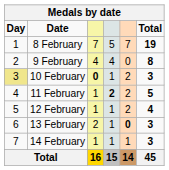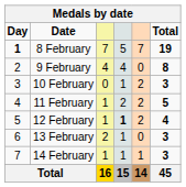 <table class="wikitable" style="font-size:85%; float:right">
 <tr bgcolor="#efefef">
 <th colspan=6>Medals by date</th>
 </tr>
 <tr align=center>
 <td><strong>Day</strong></td>
 <td><strong>Date</strong></td>
 <td bgcolor=#f7f6a8></td>
 <td bgcolor=#dce5e5></td>
 <td bgcolor=#ffdab9></td>
 <td><strong>Total</strong></td>
 </tr>
 <tr align=center>
-<td>1</td>
+<td><strong>1</strong></td>
 <td>8 February</td>
 <td bgcolor=F7F6A8>7</td>
 <td bgcolor=DCE5E5>5</td>
 <td bgcolor=FFDAB9>7</td>
 <td><strong>19</strong></td>
 </tr>
 <tr align=center>
 <td>2</td>
 <td>9 February</td>
 <td bgcolor=F7F6A8>4</td>
 <td bgcolor=DCE5E5>4</td>
 <td bgcolor=FFDAB9>0</td>
 <td><strong>8</strong></td>
 </tr>
 <tr align=center>
-<td style="background: khaki;">3</td>
+<td>3</td>
 <td>10 February</td>
-<td bgcolor=F7F6A8><strong>0</strong></td>
+<td bgcolor=F7F6A8>0</td>
 <td bgcolor=DCE5E5>1</td>
 <td bgcolor=FFDAB9>2</td>
 <td><strong>3</strong></td>
 </tr>
 <tr align=center>
 <td>4</td>
 <td>11 February</td>
 <td bgcolor=F7F6A8>1</td>
-<td bgcolor=DCE5E5><strong>2</strong></td>
+<td bgcolor=DCE5E5>2</td>
 <td bgcolor=FFDAB9>2</td>
 <td><strong>5</strong></td>
 </tr>
 <tr align=center>
 <td>5</td>
 <td>12 February</td>
 <td bgcolor=F7F6A8>1</td>
-<td bgcolor=DCE5E5>1</td>
+<td bgcolor=DCE5E5><strong>1</strong></td>
 <td bgcolor=FFDAB9>2</td>
 <td><strong>4</strong></td>
 </tr>
 <tr align=center>
 <td>6</td>
 <td>13 February</td>
 <td bgcolor=F7F6A8>2</td>
 <td bgcolor=DCE5E5>1</td>
-<td bgcolor=FFDAB9><strong>0</strong></td>
+<td bgcolor=FFDAB9>0</td>
 <td><strong>3</strong></td>
 </tr>
 <tr align=center>
 <td>7</td>
 <td>14 February</td>
 <td bgcolor=F7F6A8>1</td>
 <td bgcolor=DCE5E5>1</td>
 <td bgcolor=FFDAB9>1</td>
 <td><strong>3</strong></td>
 </tr>
 <tr>
 <th colspan=2><strong>Total</strong></th>
 <th style=background:gold><strong>16</strong></th>
 <th style=background:silver><strong>15</strong></th>
 <th style=background:#c96><strong>14</strong></th>
 <th><strong>45</strong></th>
 </tr>
 </table>
